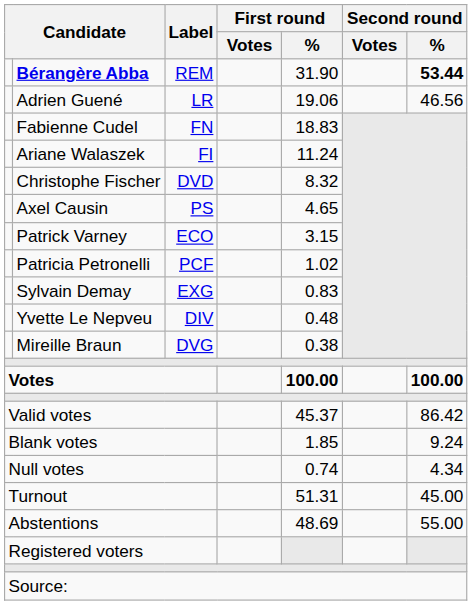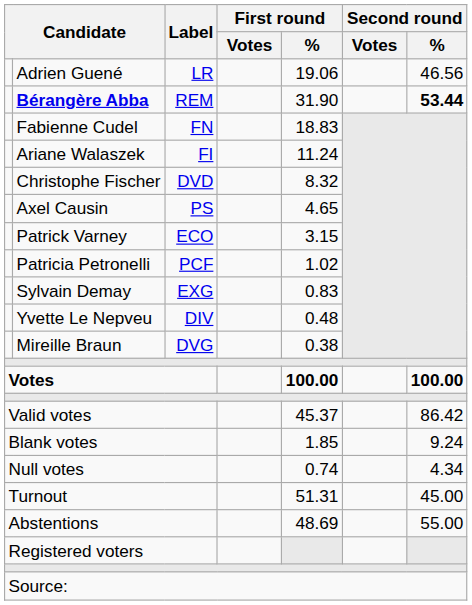 <table class="wikitable" style="text-align:right;font-size:95%;">
 <tr>
 <th rowspan="2" colspan="2">Candidate</th>
 <th rowspan="2">Label</th>
 <th colspan="2">First round</th>
 <th colspan="2">Second round</th>
 </tr>
 <tr>
 <th style="width:50px;">Votes</th>
 <th style="width:45px;">%</th>
 <th style="width:50px;">Votes</th>
 <th style="width:45px;">%</th>
 </tr>
 <tr>
 <td style="color:inherit;background:"></td>
+<td style="text-align:left;">Adrien Guené</td>
+<td><a href='#'>LR</a></td>
+<td></td>
+<td>19.06</td>
+<td></td>
+<td>46.56</td>
+</tr>
+<tr>
+<td style="color:inherit;background:"></td>
 <td style="text-align:left;"><strong><a href='#'>Bérangère Abba</a></strong></td>
 <td><a href='#'>REM</a></td>
 <td></td>
 <td>31.90</td>
 <td><strong></strong></td>
 <td><strong>53.44</strong></td>
-</tr>
-<tr>
-<td style="color:inherit;background:"></td>
-<td style="text-align:left;">Adrien Guené</td>
-<td><a href='#'>LR</a></td>
-<td></td>
-<td>19.06</td>
-<td></td>
-<td>46.56</td>
 </tr>
 <tr>
 <td style="color:inherit;background:"></td>
 <td style="text-align:left;">Fabienne Cudel</td>
 <td><a href='#'>FN</a></td>
 <td></td>
 <td>18.83</td>
 <td colspan="2" rowspan="9" style="background:#E9E9E9;"></td>
 </tr>
 <tr>
 <td style="color:inherit;background:"></td>
 <td style="text-align:left;">Ariane Walaszek</td>
 <td><a href='#'>FI</a></td>
 <td></td>
 <td>11.24</td>
 </tr>
 <tr>
 <td style="color:inherit;background:"></td>
 <td style="text-align:left;">Christophe Fischer</td>
 <td><a href='#'>DVD</a></td>
 <td></td>
 <td>8.32</td>
 </tr>
 <tr>
 <td style="color:inherit;background:"></td>
 <td style="text-align:left;">Axel Causin</td>
 <td><a href='#'>PS</a></td>
 <td></td>
 <td>4.65</td>
 </tr>
 <tr>
 <td style="color:inherit;background:"></td>
 <td style="text-align:left;">Patrick Varney</td>
 <td><a href='#'>ECO</a></td>
 <td></td>
 <td>3.15</td>
 </tr>
 <tr>
 <td style="color:inherit;background:"></td>
 <td style="text-align:left;">Patricia Petronelli</td>
 <td><a href='#'>PCF</a></td>
 <td></td>
 <td>1.02</td>
 </tr>
 <tr>
 <td style="color:inherit;background:"></td>
 <td style="text-align:left;">Sylvain Demay</td>
 <td><a href='#'>EXG</a></td>
 <td></td>
 <td>0.83</td>
 </tr>
 <tr>
 <td style="color:inherit;background:"></td>
 <td style="text-align:left;">Yvette Le Nepveu</td>
 <td><a href='#'>DIV</a></td>
 <td></td>
 <td>0.48</td>
 </tr>
 <tr>
 <td style="color:inherit;background:"></td>
 <td style="text-align:left;">Mireille Braun</td>
 <td><a href='#'>DVG</a></td>
 <td></td>
 <td>0.38</td>
 </tr>
 <tr>
 <td colspan="7" style="background:#E9E9E9;"></td>
 </tr>
 <tr style="font-weight:bold;">
 <td colspan="3" style="text-align:left;">Votes</td>
 <td></td>
 <td>100.00</td>
 <td></td>
 <td>100.00</td>
 </tr>
 <tr>
 <td colspan="7" style="background:#E9E9E9;"></td>
 </tr>
 <tr>
 <td colspan="3" style="text-align:left;">Valid votes</td>
 <td></td>
 <td>45.37</td>
 <td></td>
 <td>86.42</td>
 </tr>
 <tr>
 <td colspan="3" style="text-align:left;">Blank votes</td>
 <td></td>
 <td>1.85</td>
 <td></td>
 <td>9.24</td>
 </tr>
 <tr>
 <td colspan="3" style="text-align:left;">Null votes</td>
 <td></td>
 <td>0.74</td>
 <td></td>
 <td>4.34</td>
 </tr>
 <tr>
 <td colspan="3" style="text-align:left;">Turnout</td>
 <td></td>
 <td>51.31</td>
 <td></td>
 <td>45.00</td>
 </tr>
 <tr>
 <td colspan="3" style="text-align:left;">Abstentions</td>
 <td></td>
 <td>48.69</td>
 <td></td>
 <td>55.00</td>
 </tr>
 <tr>
 <td colspan="3" style="text-align:left;">Registered voters</td>
 <td></td>
 <td style="background:#E9E9E9;"></td>
 <td></td>
 <td style="background:#E9E9E9;"></td>
 </tr>
 <tr>
 <td colspan="7" style="background:#E9E9E9;"></td>
 </tr>
 <tr>
 <td colspan="7" style="text-align:left;">Source: </td>
 </tr>
 </table>
